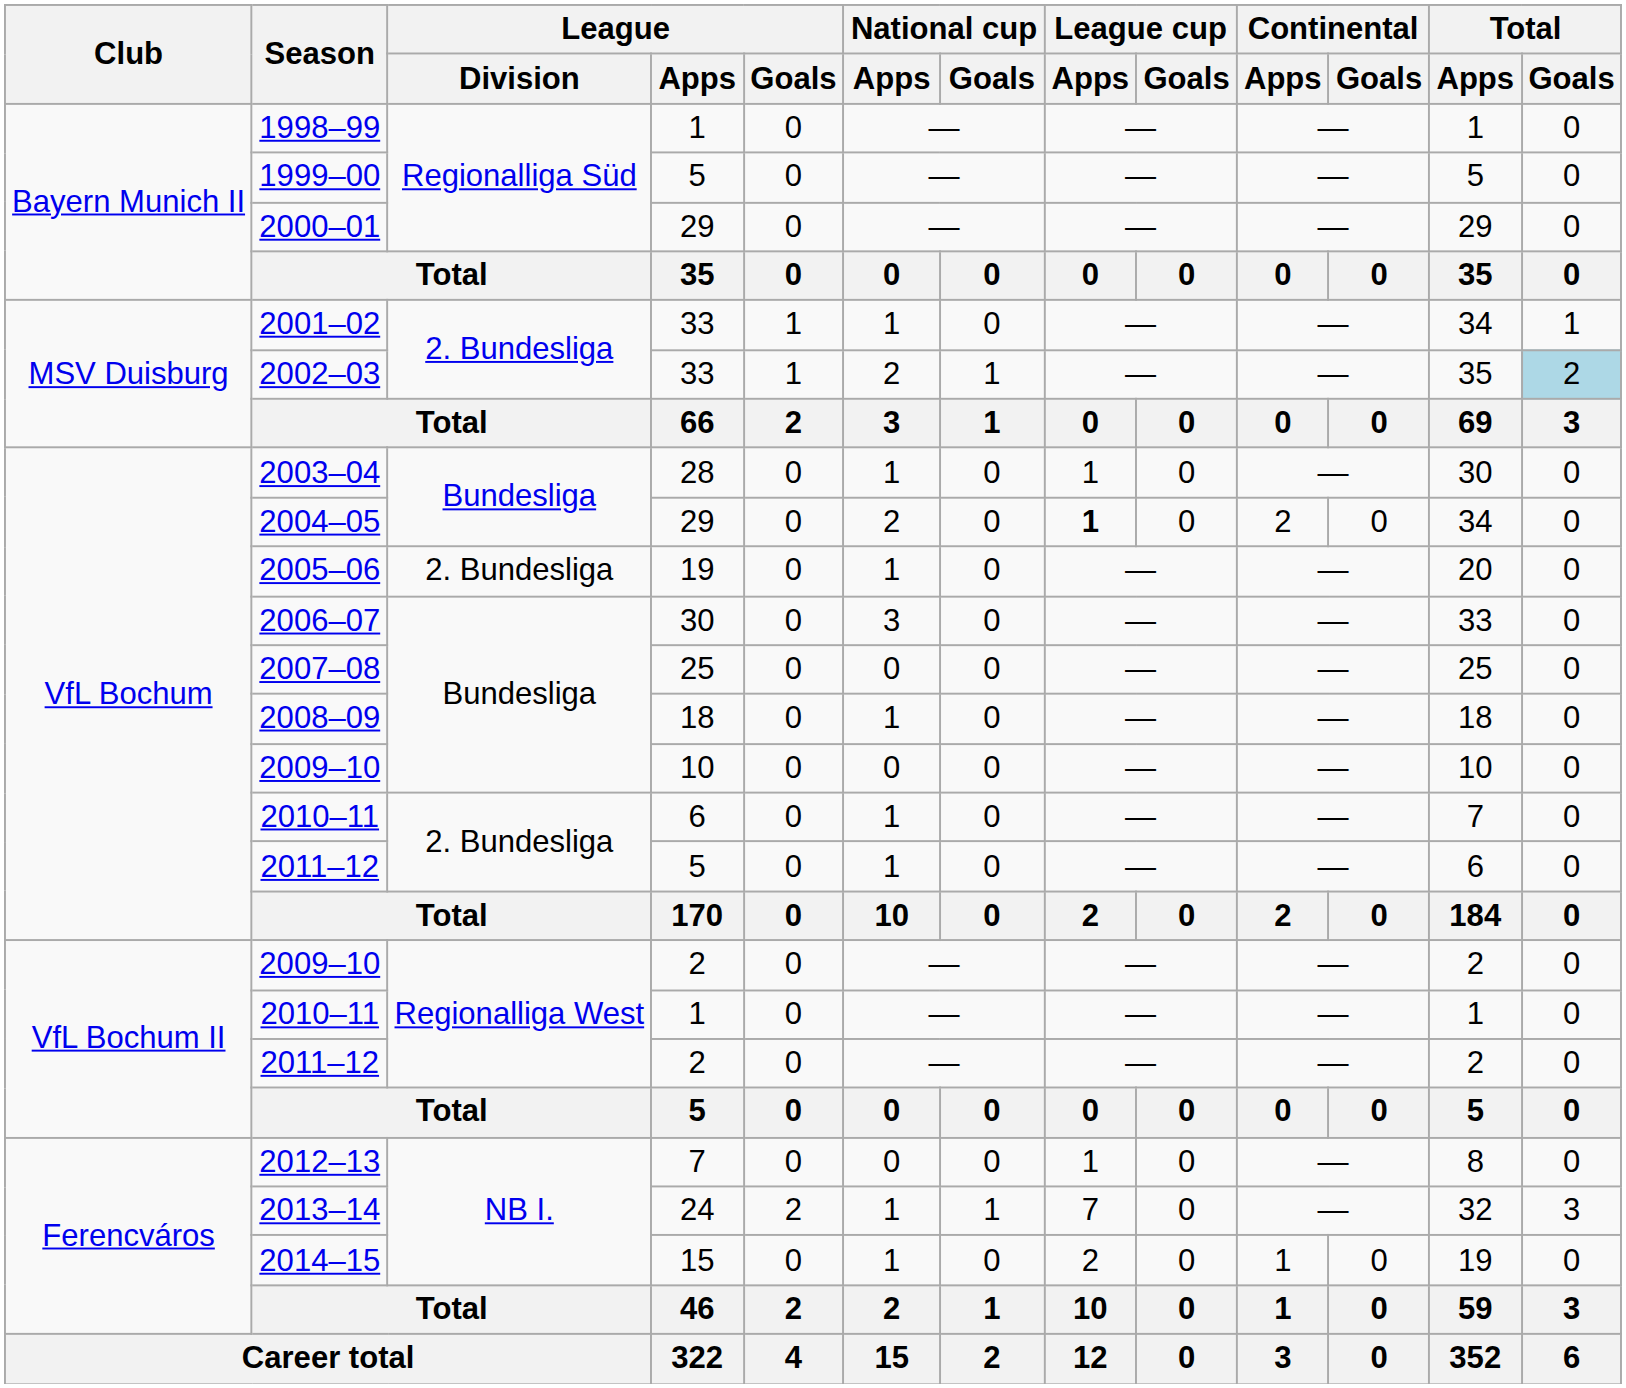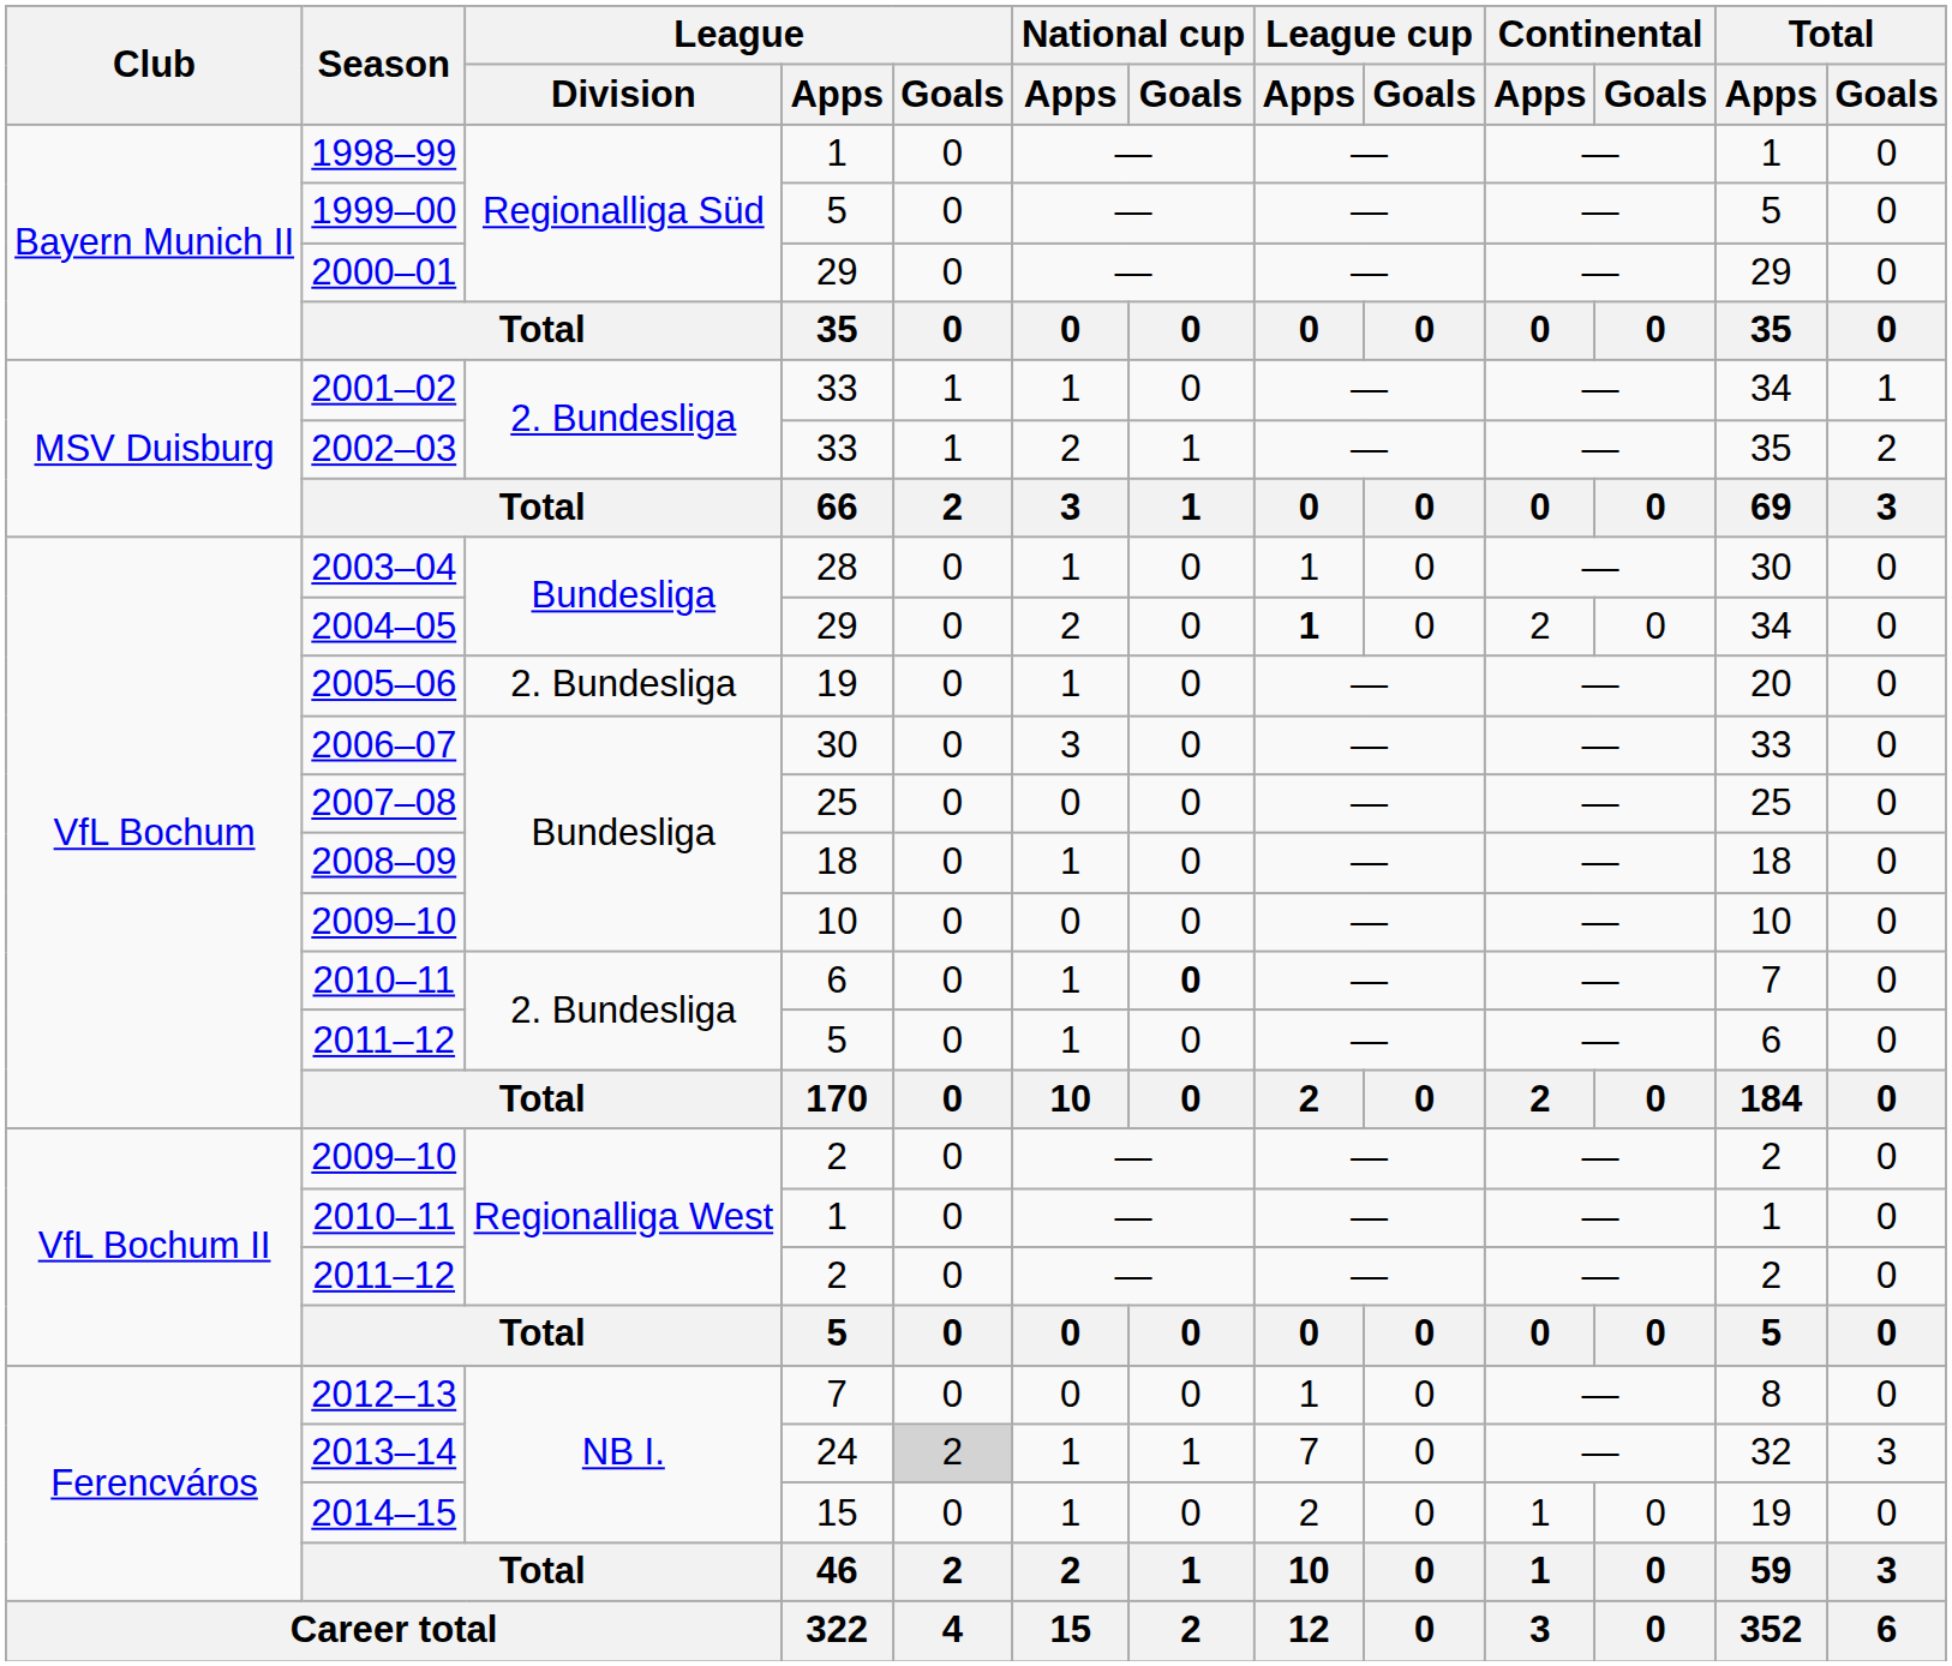 <table class="wikitable" style="text-align:center">
 <tr>
 <th rowspan="2">Club</th>
 <th rowspan="2">Season</th>
 <th colspan="3">League</th>
 <th colspan="2">National cup</th>
 <th colspan="2">League cup</th>
 <th colspan="2">Continental</th>
 <th colspan="2">Total</th>
 </tr>
 <tr>
 <th>Division</th>
 <th>Apps</th>
 <th>Goals</th>
 <th>Apps</th>
 <th>Goals</th>
 <th>Apps</th>
 <th>Goals</th>
 <th>Apps</th>
 <th>Goals</th>
 <th>Apps</th>
 <th>Goals</th>
 </tr>
 <tr>
 <td rowspan="4"><a href='#'>Bayern Munich II</a></td>
 <td><a href='#'>1998–99</a></td>
 <td rowspan="3"><a href='#'>Regionalliga Süd</a></td>
 <td>1</td>
 <td>0</td>
 <td colspan="2">—</td>
 <td colspan="2">—</td>
 <td colspan="2">—</td>
 <td>1</td>
 <td>0</td>
 </tr>
 <tr>
 <td><a href='#'>1999–00</a></td>
 <td>5</td>
 <td>0</td>
 <td colspan="2">—</td>
 <td colspan="2">—</td>
 <td colspan="2">—</td>
 <td>5</td>
 <td>0</td>
 </tr>
 <tr>
 <td><a href='#'>2000–01</a></td>
 <td>29</td>
 <td>0</td>
 <td colspan="2">—</td>
 <td colspan="2">—</td>
 <td colspan="2">—</td>
 <td>29</td>
 <td>0</td>
 </tr>
 <tr>
 <th colspan="2">Total</th>
 <th>35</th>
 <th>0</th>
 <th>0</th>
 <th>0</th>
 <th>0</th>
 <th>0</th>
 <th>0</th>
 <th>0</th>
 <th>35</th>
 <th>0</th>
 </tr>
 <tr>
 <td rowspan="3"><a href='#'>MSV Duisburg</a></td>
 <td><a href='#'>2001–02</a></td>
 <td rowspan="2"><a href='#'>2. Bundesliga</a></td>
 <td>33</td>
 <td>1</td>
 <td>1</td>
 <td>0</td>
 <td colspan="2">—</td>
 <td colspan="2">—</td>
 <td>34</td>
 <td>1</td>
 </tr>
 <tr>
 <td><a href='#'>2002–03</a></td>
 <td>33</td>
 <td>1</td>
 <td>2</td>
 <td>1</td>
 <td colspan="2">—</td>
 <td colspan="2">—</td>
 <td>35</td>
-<td style="background: lightblue;">2</td>
+<td>2</td>
 </tr>
 <tr>
 <th colspan="2">Total</th>
 <th>66</th>
 <th>2</th>
 <th>3</th>
 <th>1</th>
 <th>0</th>
 <th>0</th>
 <th>0</th>
 <th>0</th>
 <th>69</th>
 <th>3</th>
 </tr>
 <tr>
 <td rowspan="10"><a href='#'>VfL Bochum</a></td>
 <td><a href='#'>2003–04</a></td>
 <td rowspan="2"><a href='#'>Bundesliga</a></td>
 <td>28</td>
 <td>0</td>
 <td>1</td>
 <td>0</td>
 <td>1</td>
 <td>0</td>
 <td colspan="2">—</td>
 <td>30</td>
 <td>0</td>
 </tr>
 <tr>
 <td><a href='#'>2004–05</a></td>
 <td>29</td>
 <td>0</td>
 <td>2</td>
 <td>0</td>
 <td><strong>1</strong></td>
 <td>0</td>
 <td>2</td>
 <td>0</td>
 <td>34</td>
 <td>0</td>
 </tr>
 <tr>
 <td><a href='#'>2005–06</a></td>
 <td>2. Bundesliga</td>
 <td>19</td>
 <td>0</td>
 <td>1</td>
 <td>0</td>
 <td colspan="2">—</td>
 <td colspan="2">—</td>
 <td>20</td>
 <td>0</td>
 </tr>
 <tr>
 <td><a href='#'>2006–07</a></td>
 <td rowspan="4">Bundesliga</td>
 <td>30</td>
 <td>0</td>
 <td>3</td>
 <td>0</td>
 <td colspan="2">—</td>
 <td colspan="2">—</td>
 <td>33</td>
 <td>0</td>
 </tr>
 <tr>
 <td><a href='#'>2007–08</a></td>
 <td>25</td>
 <td>0</td>
 <td>0</td>
 <td>0</td>
 <td colspan="2">—</td>
 <td colspan="2">—</td>
 <td>25</td>
 <td>0</td>
 </tr>
 <tr>
 <td><a href='#'>2008–09</a></td>
 <td>18</td>
 <td>0</td>
 <td>1</td>
 <td>0</td>
 <td colspan="2">—</td>
 <td colspan="2">—</td>
 <td>18</td>
 <td>0</td>
 </tr>
 <tr>
 <td><a href='#'>2009–10</a></td>
 <td>10</td>
 <td>0</td>
 <td>0</td>
 <td>0</td>
 <td colspan="2">—</td>
 <td colspan="2">—</td>
 <td>10</td>
 <td>0</td>
 </tr>
 <tr>
 <td><a href='#'>2010–11</a></td>
 <td rowspan="2">2. Bundesliga</td>
 <td>6</td>
 <td>0</td>
 <td>1</td>
-<td>0</td>
+<td><strong>0</strong></td>
 <td colspan="2">—</td>
 <td colspan="2">—</td>
 <td>7</td>
 <td>0</td>
 </tr>
 <tr>
 <td><a href='#'>2011–12</a></td>
 <td>5</td>
 <td>0</td>
 <td>1</td>
 <td>0</td>
 <td colspan="2">—</td>
 <td colspan="2">—</td>
 <td>6</td>
 <td>0</td>
 </tr>
 <tr>
 <th colspan="2">Total</th>
 <th>170</th>
 <th>0</th>
 <th>10</th>
 <th>0</th>
 <th>2</th>
 <th>0</th>
 <th>2</th>
 <th>0</th>
 <th>184</th>
 <th>0</th>
 </tr>
 <tr>
 <td rowspan="4"><a href='#'>VfL Bochum II</a></td>
 <td><a href='#'>2009–10</a></td>
 <td rowspan="3"><a href='#'>Regionalliga West</a></td>
 <td>2</td>
 <td>0</td>
 <td colspan="2">—</td>
 <td colspan="2">—</td>
 <td colspan="2">—</td>
 <td>2</td>
 <td>0</td>
 </tr>
 <tr>
 <td><a href='#'>2010–11</a></td>
 <td>1</td>
 <td>0</td>
 <td colspan="2">—</td>
 <td colspan="2">—</td>
 <td colspan="2">—</td>
 <td>1</td>
 <td>0</td>
 </tr>
 <tr>
 <td><a href='#'>2011–12</a></td>
 <td>2</td>
 <td>0</td>
 <td colspan="2">—</td>
 <td colspan="2">—</td>
 <td colspan="2">—</td>
 <td>2</td>
 <td>0</td>
 </tr>
 <tr>
 <th colspan="2">Total</th>
 <th>5</th>
 <th>0</th>
 <th>0</th>
 <th>0</th>
 <th>0</th>
 <th>0</th>
 <th>0</th>
 <th>0</th>
 <th>5</th>
 <th>0</th>
 </tr>
 <tr>
 <td rowspan="4"><a href='#'>Ferencváros</a></td>
 <td><a href='#'>2012–13</a></td>
 <td rowspan="3"><a href='#'>NB I.</a></td>
 <td>7</td>
 <td>0</td>
 <td>0</td>
 <td>0</td>
 <td>1</td>
 <td>0</td>
 <td colspan="2">—</td>
 <td>8</td>
 <td>0</td>
 </tr>
 <tr>
 <td><a href='#'>2013–14</a></td>
 <td>24</td>
-<td>2</td>
+<td style="background: lightgrey;">2</td>
 <td>1</td>
 <td>1</td>
 <td>7</td>
 <td>0</td>
 <td colspan="2">—</td>
 <td>32</td>
 <td>3</td>
 </tr>
 <tr>
 <td><a href='#'>2014–15</a></td>
 <td>15</td>
 <td>0</td>
 <td>1</td>
 <td>0</td>
 <td>2</td>
 <td>0</td>
 <td>1</td>
 <td>0</td>
 <td>19</td>
 <td>0</td>
 </tr>
 <tr>
 <th colspan="2">Total</th>
 <th>46</th>
 <th>2</th>
 <th>2</th>
 <th>1</th>
 <th>10</th>
 <th>0</th>
 <th>1</th>
 <th>0</th>
 <th>59</th>
 <th>3</th>
 </tr>
 <tr>
 <th colspan="3">Career total</th>
 <th>322</th>
 <th>4</th>
 <th>15</th>
 <th>2</th>
 <th>12</th>
 <th>0</th>
 <th>3</th>
 <th>0</th>
 <th>352</th>
 <th>6</th>
 </tr>
 </table>
